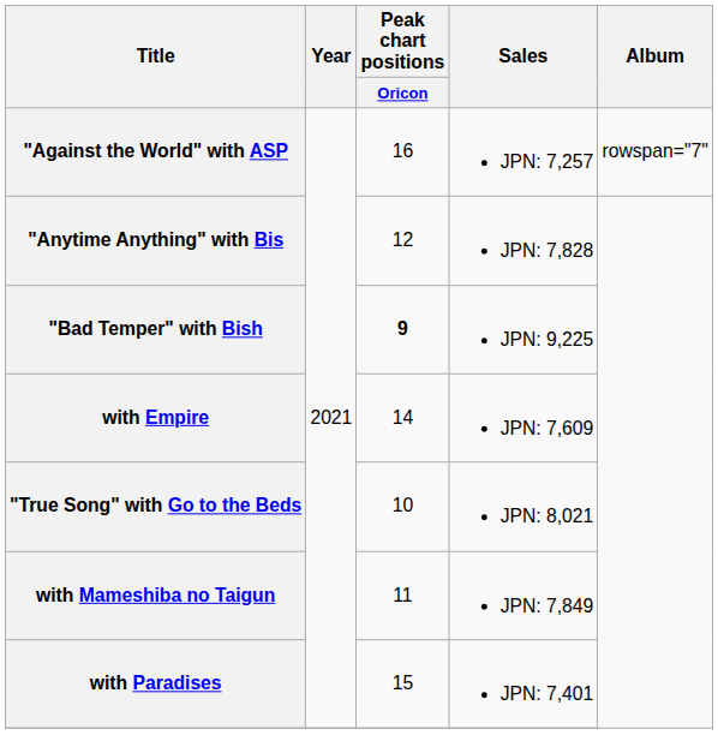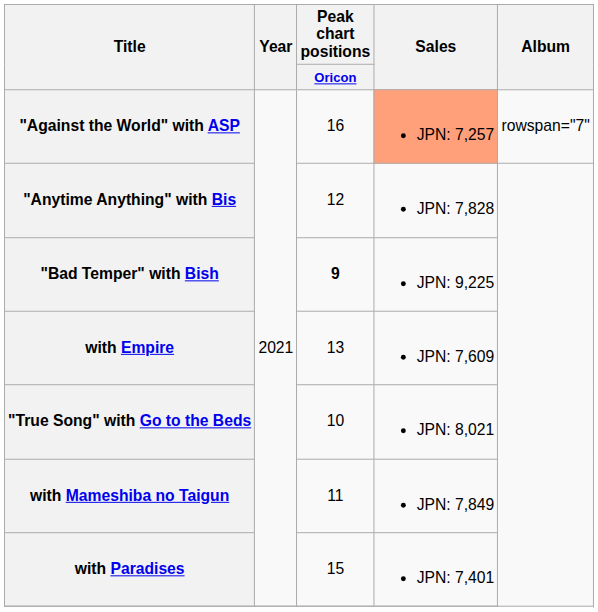 <table class="wikitable plainrowheaders" style="text-align:center;">
 <tr>
 <th scope="col" rowspan="2">Title</th>
 <th scope="col" rowspan="2">Year</th>
 <th scope="col" colspan="1">Peak <br> chart <br> positions</th>
 <th scope="col" rowspan="2">Sales</th>
 <th scope="col" rowspan="2">Album</th>
 </tr>
 <tr>
 <th scope="col" style="width:2.5em;"><small><a href='#'>Oricon</a></small></th>
 </tr>
 <tr>
 <th scope="row">"Against the World" with <a href='#'>ASP</a></th>
 <td rowspan="7">2021</td>
 <td>16</td>
-<td><br><ul><li>JPN: 7,257</li></ul></td>
+<td style="background: lightsalmon;"><br><ul><li>JPN: 7,257</li></ul></td>
 <td>rowspan="7" </td>
 </tr>
 <tr>
 <th scope="row">"Anytime Anything" with <a href='#'>Bis</a></th>
 <td>12</td>
 <td><br><ul><li>JPN: 7,828</li></ul></td>
 </tr>
 <tr>
 <th scope="row">"Bad Temper" with <a href='#'>Bish</a></th>
 <td><strong>9</strong></td>
 <td><br><ul><li>JPN: 9,225</li></ul></td>
 </tr>
 <tr>
 <th scope="row"> with <a href='#'>Empire</a></th>
-<td>14</td>
+<td>13</td>
 <td><br><ul><li>JPN: 7,609</li></ul></td>
 </tr>
 <tr>
 <th scope="row">"True Song" with <a href='#'>Go to the Beds</a></th>
 <td>10</td>
 <td><br><ul><li>JPN: 8,021</li></ul></td>
 </tr>
 <tr>
 <th scope="row"> with <a href='#'>Mameshiba no Taigun</a></th>
 <td>11</td>
 <td><br><ul><li>JPN: 7,849</li></ul></td>
 </tr>
 <tr>
 <th scope="row"> with <a href='#'>Paradises</a></th>
 <td>15</td>
 <td><br><ul><li>JPN: 7,401</li></ul></td>
 </tr>
 <tr>
 </tr>
 </table>
